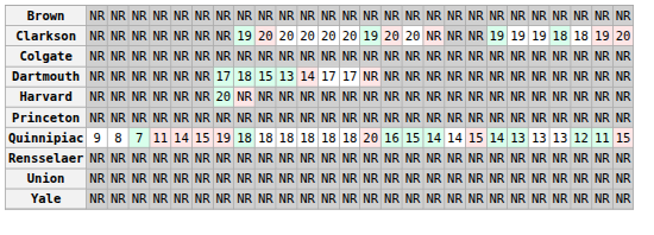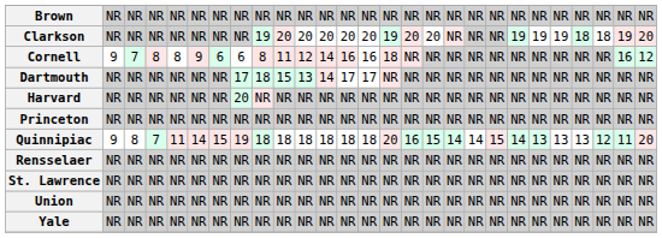 <table class="wikitable sortable" style="text-align: center;">
 <tr>
 </tr>
 <tr bgcolor=d0d0d0>
 <th>Brown</th>
 <td>NR</td>
 <td>NR</td>
 <td>NR</td>
 <td>NR</td>
 <td>NR</td>
 <td>NR</td>
 <td>NR</td>
 <td>NR</td>
 <td>NR</td>
 <td>NR</td>
 <td>NR</td>
 <td>NR</td>
 <td>NR</td>
 <td>NR</td>
 <td>NR</td>
 <td>NR</td>
 <td>NR</td>
 <td>NR</td>
 <td>NR</td>
 <td>NR</td>
 <td>NR</td>
 <td>NR</td>
 <td>NR</td>
 <td>NR</td>
 <td>NR</td>
 <td>NR</td>
 </tr>
 <tr bgcolor=d0d0d0>
 <th>Clarkson</th>
 <td>NR</td>
 <td>NR</td>
 <td>NR</td>
 <td>NR</td>
 <td>NR</td>
 <td>NR</td>
 <td>NR</td>
 <td bgcolor=D8FFEB>19</td>
 <td bgcolor=FFE6E6>20</td>
 <td bgcolor=FFFFFF>20</td>
 <td bgcolor=FFFFFF>20</td>
 <td bgcolor=FFFFFF>20</td>
 <td bgcolor=FFFFFF>20</td>
 <td bgcolor=D8FFEB>19</td>
 <td bgcolor=FFE6E6>20</td>
 <td bgcolor=FFFFFF>20</td>
 <td bgcolor=FFE6E6>NR</td>
 <td>NR</td>
 <td>NR</td>
 <td bgcolor=D8FFEB>19</td>
 <td bgcolor=FFFFFF>19</td>
 <td bgcolor=FFFFFF>19</td>
 <td bgcolor=D8FFEB>18</td>
 <td bgcolor=FFFFFF>18</td>
 <td bgcolor=FFE6E6>19</td>
 <td bgcolor=FFE6E6>20</td>
 </tr>
 <tr bgcolor=d0d0d0>
-<th>Colgate</th>
+<th>Cornell</th>
+<td bgcolor=ffffff>9</td>
+<td bgcolor=D8FFEB>7</td>
+<td bgcolor=FFE6E6>8</td>
+<td bgcolor=FFFFFF>8</td>
+<td bgcolor=FFE6E6>9</td>
+<td bgcolor=D8FFEB>6</td>
+<td bgcolor=FFFFFF>6</td>
+<td bgcolor=FFE6E6>8</td>
+<td bgcolor=FFE6E6>11</td>
+<td bgcolor=FFE6E6>12</td>
+<td bgcolor=FFE6E6>14</td>
+<td bgcolor=FFE6E6>16</td>
+<td bgcolor=FFFFFF>16</td>
+<td bgcolor=FFE6E6>18</td>
+<td bgcolor=FFE6E6>NR</td>
 <td>NR</td>
 <td>NR</td>
 <td>NR</td>
 <td>NR</td>
 <td>NR</td>
 <td>NR</td>
 <td>NR</td>
 <td>NR</td>
 <td>NR</td>
-<td>NR</td>
-<td>NR</td>
-<td>NR</td>
-<td>NR</td>
-<td>NR</td>
-<td>NR</td>
-<td>NR</td>
-<td>NR</td>
-<td>NR</td>
-<td>NR</td>
-<td>NR</td>
-<td>NR</td>
-<td>NR</td>
-<td>NR</td>
-<td>NR</td>
-<td>NR</td>
-<td>NR</td>
+<td bgcolor=D8FFEB>16</td>
+<td bgcolor=D8FFEB>12</td>
 </tr>
 <tr bgcolor=d0d0d0>
 <th>Dartmouth</th>
 <td>NR</td>
 <td>NR</td>
 <td>NR</td>
 <td>NR</td>
 <td>NR</td>
 <td>NR</td>
 <td bgcolor=D8FFEB>17</td>
 <td bgcolor=D8FFEB>18</td>
 <td bgcolor=D8FFEB>15</td>
 <td bgcolor=D8FFEB>13</td>
 <td bgcolor=FFE6E6>14</td>
 <td bgcolor=FFFFFF>17</td>
 <td bgcolor=FFFFFF>17</td>
 <td bgcolor=FFE6E6>NR</td>
 <td>NR</td>
 <td>NR</td>
 <td>NR</td>
 <td>NR</td>
 <td>NR</td>
 <td>NR</td>
 <td>NR</td>
 <td>NR</td>
 <td>NR</td>
 <td>NR</td>
 <td>NR</td>
 <td>NR</td>
 </tr>
 <tr bgcolor=d0d0d0>
 <th>Harvard</th>
 <td>NR</td>
 <td>NR</td>
 <td>NR</td>
 <td>NR</td>
 <td>NR</td>
 <td>NR</td>
 <td bgcolor=D8FFEB>20</td>
 <td bgcolor=FFE6E6>NR</td>
 <td>NR</td>
 <td>NR</td>
 <td>NR</td>
 <td>NR</td>
 <td>NR</td>
 <td>NR</td>
 <td>NR</td>
 <td>NR</td>
 <td>NR</td>
 <td>NR</td>
 <td>NR</td>
 <td>NR</td>
 <td>NR</td>
 <td>NR</td>
 <td>NR</td>
 <td>NR</td>
 <td>NR</td>
 <td>NR</td>
 </tr>
 <tr bgcolor=d0d0d0>
 <th>Princeton</th>
 <td>NR</td>
 <td>NR</td>
 <td>NR</td>
 <td>NR</td>
 <td>NR</td>
 <td>NR</td>
 <td>NR</td>
 <td>NR</td>
 <td>NR</td>
 <td>NR</td>
 <td>NR</td>
 <td>NR</td>
 <td>NR</td>
 <td>NR</td>
 <td>NR</td>
 <td>NR</td>
 <td>NR</td>
 <td>NR</td>
 <td>NR</td>
 <td>NR</td>
 <td>NR</td>
 <td>NR</td>
 <td>NR</td>
 <td>NR</td>
 <td>NR</td>
 <td>NR</td>
 </tr>
 <tr bgcolor=d0d0d0>
 <th>Quinnipiac</th>
 <td bgcolor=ffffff>9</td>
 <td bgcolor=FFFFFF>8</td>
 <td bgcolor=D8FFEB>7</td>
 <td bgcolor=FFE6E6>11</td>
 <td bgcolor=FFE6E6>14</td>
 <td bgcolor=FFE6E6>15</td>
 <td bgcolor=FFE6E6>19</td>
 <td bgcolor=D8FFEB>18</td>
 <td bgcolor=FFFFFF>18</td>
 <td bgcolor=FFFFFF>18</td>
 <td bgcolor=FFFFFF>18</td>
 <td bgcolor=FFFFFF>18</td>
 <td bgcolor=FFFFFF>18</td>
 <td bgcolor=FFE6E6>20</td>
 <td bgcolor=D8FFEB>16</td>
 <td bgcolor=D8FFEB>15</td>
 <td bgcolor=D8FFEB>14</td>
 <td bgcolor=FFFFFF>14</td>
 <td bgcolor=FFE6E6>15</td>
 <td bgcolor=D8FFEB>14</td>
 <td bgcolor=D8FFEB>13</td>
 <td bgcolor=FFFFFF>13</td>
 <td bgcolor=FFFFFF>13</td>
 <td bgcolor=D8FFEB>12</td>
 <td bgcolor=D8FFEB>11</td>
-<td bgcolor=FFE6E6>15</td>
+<td bgcolor=FFE6E6>20</td>
 </tr>
 <tr bgcolor=d0d0d0>
 <th>Rensselaer</th>
+<td>NR</td>
+<td>NR</td>
+<td>NR</td>
+<td>NR</td>
+<td>NR</td>
+<td>NR</td>
+<td>NR</td>
+<td>NR</td>
+<td>NR</td>
+<td>NR</td>
+<td>NR</td>
+<td>NR</td>
+<td>NR</td>
+<td>NR</td>
+<td>NR</td>
+<td>NR</td>
+<td>NR</td>
+<td>NR</td>
+<td>NR</td>
+<td>NR</td>
+<td>NR</td>
+<td>NR</td>
+<td>NR</td>
+<td>NR</td>
+<td>NR</td>
+<td>NR</td>
+</tr>
+<tr bgcolor=d0d0d0>
+<th>St. Lawrence</th>
 <td>NR</td>
 <td>NR</td>
 <td>NR</td>
 <td>NR</td>
 <td>NR</td>
 <td>NR</td>
 <td>NR</td>
 <td>NR</td>
 <td>NR</td>
 <td>NR</td>
 <td>NR</td>
 <td>NR</td>
 <td>NR</td>
 <td>NR</td>
 <td>NR</td>
 <td>NR</td>
 <td>NR</td>
 <td>NR</td>
 <td>NR</td>
 <td>NR</td>
 <td>NR</td>
 <td>NR</td>
 <td>NR</td>
 <td>NR</td>
 <td>NR</td>
 <td>NR</td>
 </tr>
 <tr bgcolor=d0d0d0>
 <th>Union</th>
 <td>NR</td>
 <td>NR</td>
 <td>NR</td>
 <td>NR</td>
 <td>NR</td>
 <td>NR</td>
 <td>NR</td>
 <td>NR</td>
 <td>NR</td>
 <td>NR</td>
 <td>NR</td>
 <td>NR</td>
 <td>NR</td>
 <td>NR</td>
 <td>NR</td>
 <td>NR</td>
 <td>NR</td>
 <td>NR</td>
 <td>NR</td>
 <td>NR</td>
 <td>NR</td>
 <td>NR</td>
 <td>NR</td>
 <td>NR</td>
 <td>NR</td>
 <td>NR</td>
 </tr>
 <tr bgcolor=d0d0d0>
 <th>Yale</th>
 <td>NR</td>
 <td>NR</td>
 <td>NR</td>
 <td>NR</td>
 <td>NR</td>
 <td>NR</td>
 <td>NR</td>
 <td>NR</td>
 <td>NR</td>
 <td>NR</td>
 <td>NR</td>
 <td>NR</td>
 <td>NR</td>
 <td>NR</td>
 <td>NR</td>
 <td>NR</td>
 <td>NR</td>
 <td>NR</td>
 <td>NR</td>
 <td>NR</td>
 <td>NR</td>
 <td>NR</td>
 <td>NR</td>
 <td>NR</td>
 <td>NR</td>
 <td>NR</td>
 </tr>
 <tr>
 </tr>
 </table>
